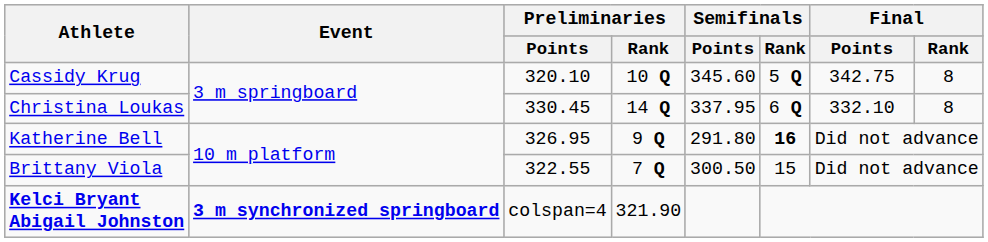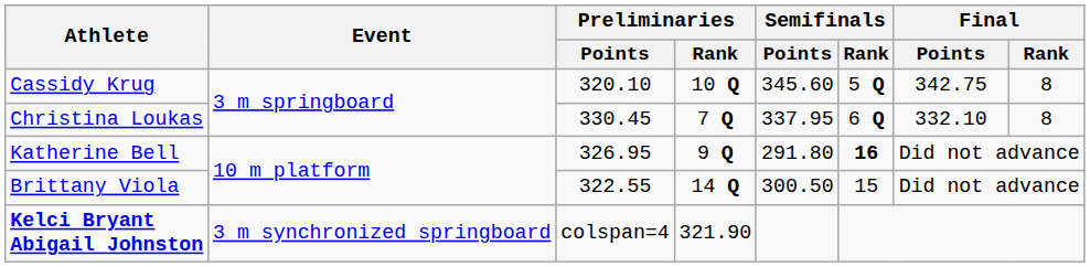 <table class=wikitable style=font-size:90%;text-align:center>
 <tr>
 <th rowspan=2>Athlete</th>
 <th rowspan=2>Event</th>
 <th colspan=2>Preliminaries</th>
 <th colspan=2>Semifinals</th>
 <th colspan=2>Final</th>
 </tr>
 <tr style=font-size:95%>
 <th>Points</th>
 <th>Rank</th>
 <th>Points</th>
 <th>Rank</th>
 <th>Points</th>
 <th>Rank</th>
 </tr>
 <tr>
 <td align=left><a href='#'>Cassidy Krug</a></td>
 <td align=left rowspan=2><a href='#'>3 m springboard</a></td>
 <td>320.10</td>
 <td>10 <strong>Q</strong></td>
 <td>345.60</td>
 <td>5 <strong>Q</strong></td>
 <td>342.75</td>
 <td>8</td>
 </tr>
 <tr>
 <td align=left><a href='#'>Christina Loukas</a></td>
 <td>330.45</td>
-<td>14 <strong>Q</strong></td>
+<td>7 <strong>Q</strong></td>
 <td>337.95</td>
 <td>6 <strong>Q</strong></td>
 <td>332.10</td>
 <td>8</td>
 </tr>
 <tr>
 <td align=left><a href='#'>Katherine Bell</a></td>
 <td align=left rowspan=2><a href='#'>10 m platform</a></td>
 <td>326.95</td>
 <td>9 <strong>Q</strong></td>
 <td>291.80</td>
 <td><strong>16</strong></td>
 <td colspan=2>Did not advance</td>
 </tr>
 <tr>
 <td align=left><a href='#'>Brittany Viola</a></td>
 <td>322.55</td>
-<td>7 <strong>Q</strong></td>
+<td>14 <strong>Q</strong></td>
 <td>300.50</td>
 <td>15</td>
 <td colspan=2>Did not advance</td>
 </tr>
 <tr>
 <td align=left><strong><a href='#'>Kelci Bryant</a><br><a href='#'>Abigail Johnston</a></strong></td>
-<td align=left><strong><a href='#'>3 m synchronized springboard</a></strong></td>
+<td align=left><a href='#'>3 m synchronized springboard</a></td>
 <td>colspan=4 </td>
 <td>321.90</td>
 <td></td>
 </tr>
 </table>
